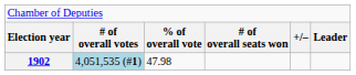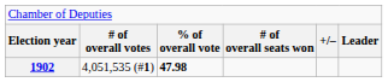 <table class=wikitable>
 <tr>
 <td colspan=6><a href='#'>Chamber of Deputies</a></td>
 </tr>
 <tr>
 <th>Election year</th>
 <th># of<br>overall votes</th>
 <th>% of<br>overall vote</th>
 <th># of<br>overall seats won</th>
 <th>+/–</th>
 <th>Leader</th>
 </tr>
 <tr>
 <th><a href='#'>1902</a></th>
-<td style="background: lightblue;">4,051,535 (#<strong>1</strong>)</td>
-<td>47.98</td>
+<td>4,051,535 (#<strong>1</strong>)</td>
+<td><strong>47.98</strong></td>
 <td></td>
 <td></td>
 <td></td>
 </tr>
 </table>
